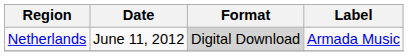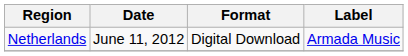 <table class=wikitable>
 <tr>
 <th>Region</th>
 <th>Date</th>
 <th>Format</th>
 <th>Label</th>
 </tr>
 <tr>
 <td><a href='#'>Netherlands</a></td>
 <td>June 11, 2012</td>
-<td style="background: lightgrey;">Digital Download</td>
+<td>Digital Download</td>
 <td><a href='#'>Armada Music</a></td>
 </tr>
 <tr>
 </tr>
 </table>
